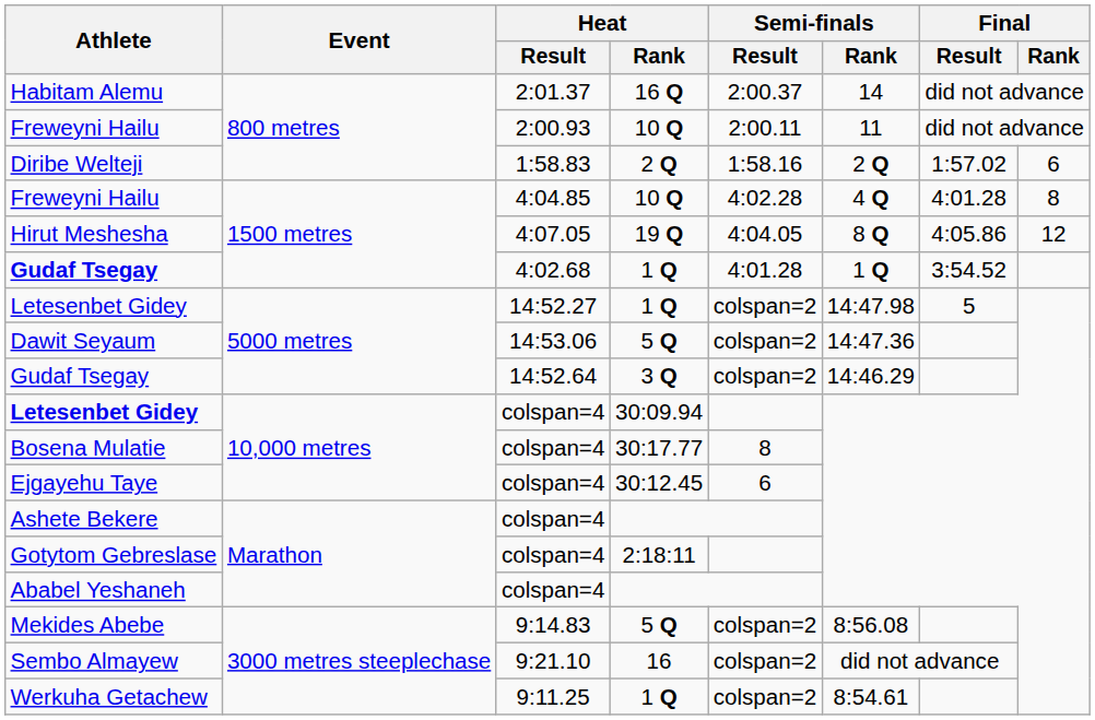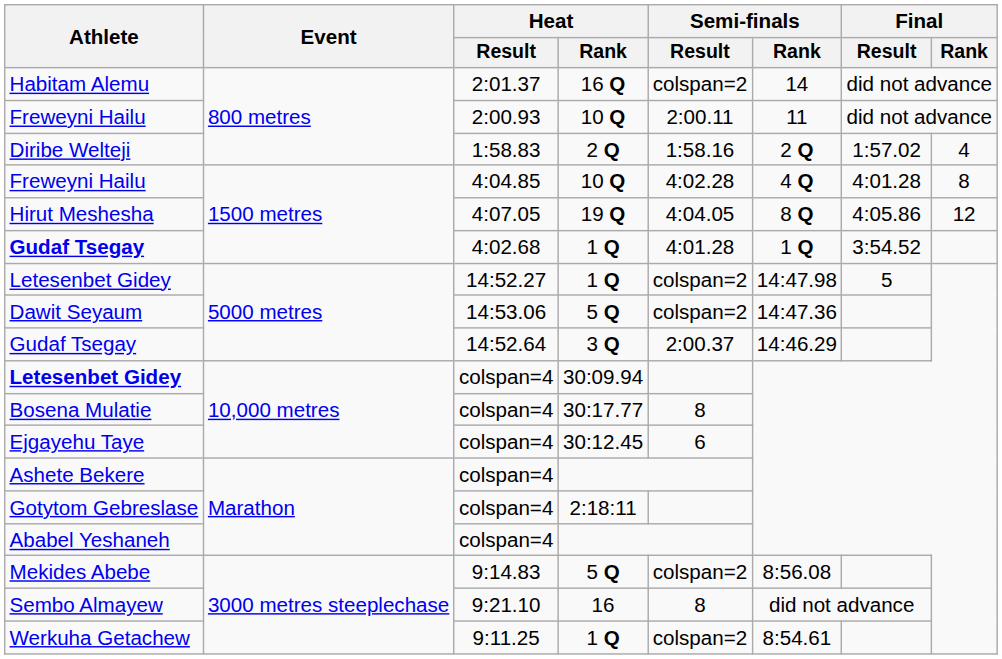 <table class=wikitable style=font-size:90%>
 <tr>
 <th rowspan=2>Athlete</th>
 <th rowspan=2>Event</th>
 <th colspan=2>Heat</th>
 <th colspan=2>Semi-finals</th>
 <th colspan=2>Final</th>
 </tr>
 <tr style=font-size:95%>
 <th>Result</th>
 <th>Rank</th>
 <th>Result</th>
 <th>Rank</th>
 <th>Result</th>
 <th>Rank</th>
 </tr>
 <tr align=center>
 <td align=left><a href='#'>Habitam Alemu</a></td>
 <td align=left rowspan=3><a href='#'>800 metres</a></td>
 <td>2:01.37</td>
 <td>16 <strong>Q</strong></td>
-<td>2:00.37 </td>
+<td>colspan=2</td>
 <td>14</td>
 <td colspan=2>did not advance</td>
 </tr>
 <tr align=center>
 <td align=left><a href='#'>Freweyni Hailu</a></td>
 <td>2:00.93</td>
 <td>10 <strong>Q</strong></td>
 <td>2:00.11</td>
 <td>11</td>
 <td colspan=2>did not advance</td>
 </tr>
 <tr align=center>
 <td align=left><a href='#'>Diribe Welteji</a></td>
 <td>1:58.83</td>
 <td>2 <strong>Q</strong></td>
 <td>1:58.16 </td>
 <td>2 <strong>Q</strong></td>
 <td>1:57.02 </td>
-<td>6</td>
+<td>4</td>
 </tr>
 <tr align=center>
 <td align=left><a href='#'>Freweyni Hailu</a></td>
 <td align=left rowspan=3><a href='#'>1500 metres</a></td>
 <td>4:04.85</td>
 <td>10 <strong>Q</strong></td>
 <td>4:02.28</td>
 <td>4 <strong>Q</strong></td>
 <td>4:01.28</td>
 <td>8</td>
 </tr>
 <tr align=center>
 <td align=left><a href='#'>Hirut Meshesha</a></td>
 <td>4:07.05</td>
 <td>19 <strong>Q</strong></td>
 <td>4:04.05</td>
 <td>8 <strong>Q</strong></td>
 <td>4:05.86</td>
 <td>12</td>
 </tr>
 <tr align=center>
 <td align=left><strong><a href='#'>Gudaf Tsegay</a></strong></td>
 <td>4:02.68</td>
 <td>1 <strong>Q</strong></td>
 <td>4:01.28</td>
 <td>1 <strong>Q</strong></td>
 <td>3:54.52</td>
 <td></td>
 </tr>
 <tr align=center>
 <td align=left><a href='#'>Letesenbet Gidey</a></td>
 <td align=left rowspan=3><a href='#'>5000 metres</a></td>
 <td>14:52.27</td>
 <td>1 <strong>Q</strong></td>
 <td>colspan=2</td>
 <td>14:47.98</td>
 <td>5</td>
 </tr>
 <tr align=center>
 <td align=left><a href='#'>Dawit Seyaum</a></td>
 <td>14:53.06</td>
 <td>5 <strong>Q</strong></td>
 <td>colspan=2</td>
 <td>14:47.36</td>
 <td></td>
 </tr>
 <tr align=center>
 <td align=left><a href='#'>Gudaf Tsegay</a></td>
 <td>14:52.64</td>
 <td>3 <strong>Q</strong></td>
-<td>colspan=2</td>
+<td>2:00.37 </td>
 <td>14:46.29</td>
 <td></td>
 </tr>
 <tr align=center>
 <td align=left><strong><a href='#'>Letesenbet Gidey</a></strong></td>
 <td align=left rowspan=3><a href='#'>10,000 metres</a></td>
 <td>colspan=4</td>
 <td>30:09.94 </td>
 <td></td>
 </tr>
 <tr align=center>
 <td align=left><a href='#'>Bosena Mulatie</a></td>
 <td>colspan=4</td>
 <td>30:17.77 </td>
 <td>8</td>
 </tr>
 <tr align=center>
 <td align=left><a href='#'>Ejgayehu Taye</a></td>
 <td>colspan=4</td>
 <td>30:12.45 </td>
 <td>6</td>
 </tr>
 <tr align=center>
 <td align=left><a href='#'>Ashete Bekere</a></td>
 <td align=left rowspan=3><a href='#'>Marathon</a></td>
 <td>colspan=4</td>
 <td colspan="2"></td>
 </tr>
 <tr align=center>
 <td align=left><a href='#'>Gotytom Gebreslase</a></td>
 <td>colspan=4</td>
 <td>2:18:11 <strong></strong></td>
 <td></td>
 </tr>
 <tr align=center>
 <td align=left><a href='#'>Ababel Yeshaneh</a></td>
 <td>colspan=4</td>
 <td colspan="2"></td>
 </tr>
 <tr align=center>
 <td align=left><a href='#'>Mekides Abebe</a></td>
 <td align=left rowspan=3><a href='#'>3000 metres steeplechase</a></td>
 <td>9:14.83</td>
 <td>5 <strong>Q</strong></td>
 <td>colspan=2</td>
 <td>8:56.08 </td>
 <td></td>
 </tr>
 <tr align=center>
 <td align=left><a href='#'>Sembo Almayew</a></td>
 <td>9:21.10</td>
 <td>16</td>
-<td>colspan=2</td>
+<td>8</td>
 <td colspan=2>did not advance</td>
 </tr>
 <tr align=center>
 <td align=left><a href='#'>Werkuha Getachew</a></td>
 <td>9:11.25</td>
 <td>1 <strong>Q</strong></td>
 <td>colspan=2</td>
 <td>8:54.61 </td>
 <td></td>
 </tr>
 </table>
